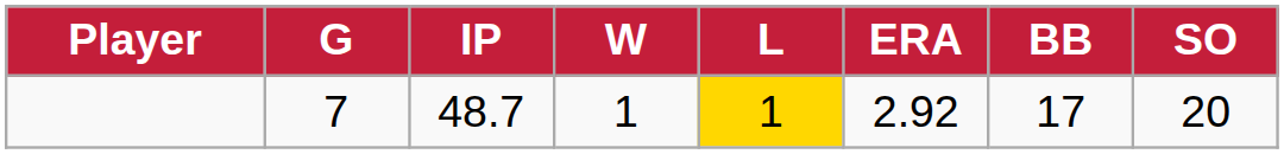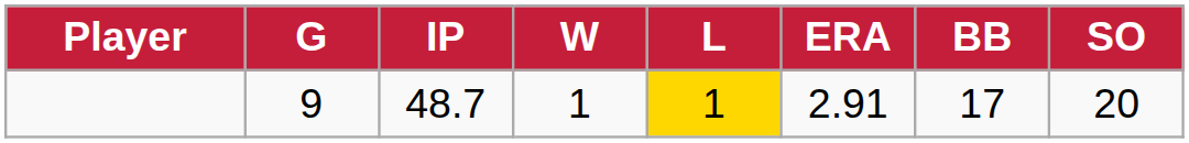 <table class="wikitable sortable">
 <tr>
 <th style="background:#c41e3a;color:white;" width="16%">Player</th>
 <th style="background:#c41e3a;color:white;" width="9%">G</th>
 <th style="background:#c41e3a;color:white;" width="9%">IP</th>
 <th style="background:#c41e3a;color:white;" width="9%">W</th>
 <th style="background:#c41e3a;color:white;" width="9%">L</th>
 <th style="background:#c41e3a;color:white;" width="9%">ERA</th>
 <th style="background:#c41e3a;color:white;" width="9%">BB</th>
 <th style="background:#c41e3a;color:white;" width="9%">SO</th>
 </tr>
 <tr align="center">
 <td></td>
-<td>7</td>
+<td>9</td>
 <td>48.7</td>
 <td>1</td>
 <td style="background: gold;">1</td>
-<td>2.92</td>
+<td>2.91</td>
 <td>17</td>
 <td>20</td>
 </tr>
 </table>
